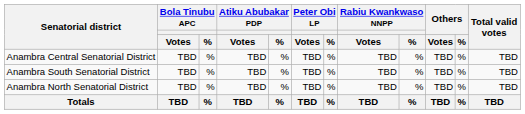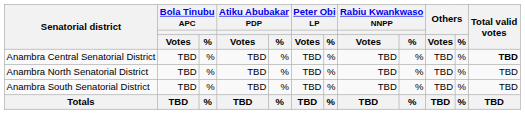 <table class="wikitable sortable" style="text-align:right; font-size:90%">
 <tr>
 <th rowspan="3" style="max-width:7.5em;">Senatorial district</th>
 <th colspan="2"><a href='#'>Bola Tinubu</a><br><small>APC</small></th>
 <th colspan="2"><a href='#'>Atiku Abubakar</a><br><small>PDP</small></th>
 <th colspan="2"><a href='#'>Peter Obi</a><br><small>LP</small></th>
 <th colspan="2"><a href='#'>Rabiu Kwankwaso</a><br><small>NNPP</small></th>
 <th colspan="2" rowspan="2">Others</th>
 <th rowspan="3" style="max-width:5em;">Total valid votes</th>
 </tr>
 <tr>
 <th colspan=2 style="background-color:"></th>
 <th colspan=2 style="background-color:"></th>
 <th colspan=2 style="background-color:"></th>
 <th colspan=2 style="background-color:"></th>
 </tr>
 <tr>
 <th>Votes</th>
 <th>%</th>
 <th>Votes</th>
 <th>%</th>
 <th>Votes</th>
 <th>%</th>
 <th>Votes</th>
 <th>%</th>
 <th>Votes</th>
 <th>%</th>
 </tr>
 <tr style="background-color:#">
 <td style="text-align:left;">Anambra Central Senatorial District</td>
 <td>TBD</td>
 <td>%</td>
 <td>TBD</td>
 <td>%</td>
 <td>TBD</td>
 <td>%</td>
 <td>TBD</td>
 <td>%</td>
 <td>TBD</td>
 <td>%</td>
-<td>TBD</td>
+<td><strong>TBD</strong></td>
 </tr>
 <tr style="background-color:#">
-<td style="text-align:left;">Anambra South Senatorial District</td>
+<td style="text-align:left;">Anambra North Senatorial District</td>
 <td>TBD</td>
 <td>%</td>
 <td>TBD</td>
 <td>%</td>
 <td>TBD</td>
 <td>%</td>
 <td>TBD</td>
 <td>%</td>
 <td>TBD</td>
 <td>%</td>
 <td>TBD</td>
 </tr>
 <tr style="background-color:#">
-<td style="text-align:left;">Anambra North Senatorial District</td>
+<td style="text-align:left;">Anambra South Senatorial District</td>
 <td>TBD</td>
 <td>%</td>
 <td>TBD</td>
 <td>%</td>
 <td>TBD</td>
 <td>%</td>
 <td>TBD</td>
 <td>%</td>
 <td>TBD</td>
 <td>%</td>
 <td>TBD</td>
 </tr>
 <tr>
 <th>Totals</th>
 <th>TBD</th>
 <th>%</th>
 <th>TBD</th>
 <th>%</th>
 <th>TBD</th>
 <th>%</th>
 <th>TBD</th>
 <th>%</th>
 <th>TBD</th>
 <th>%</th>
 <th>TBD</th>
 </tr>
 </table>
